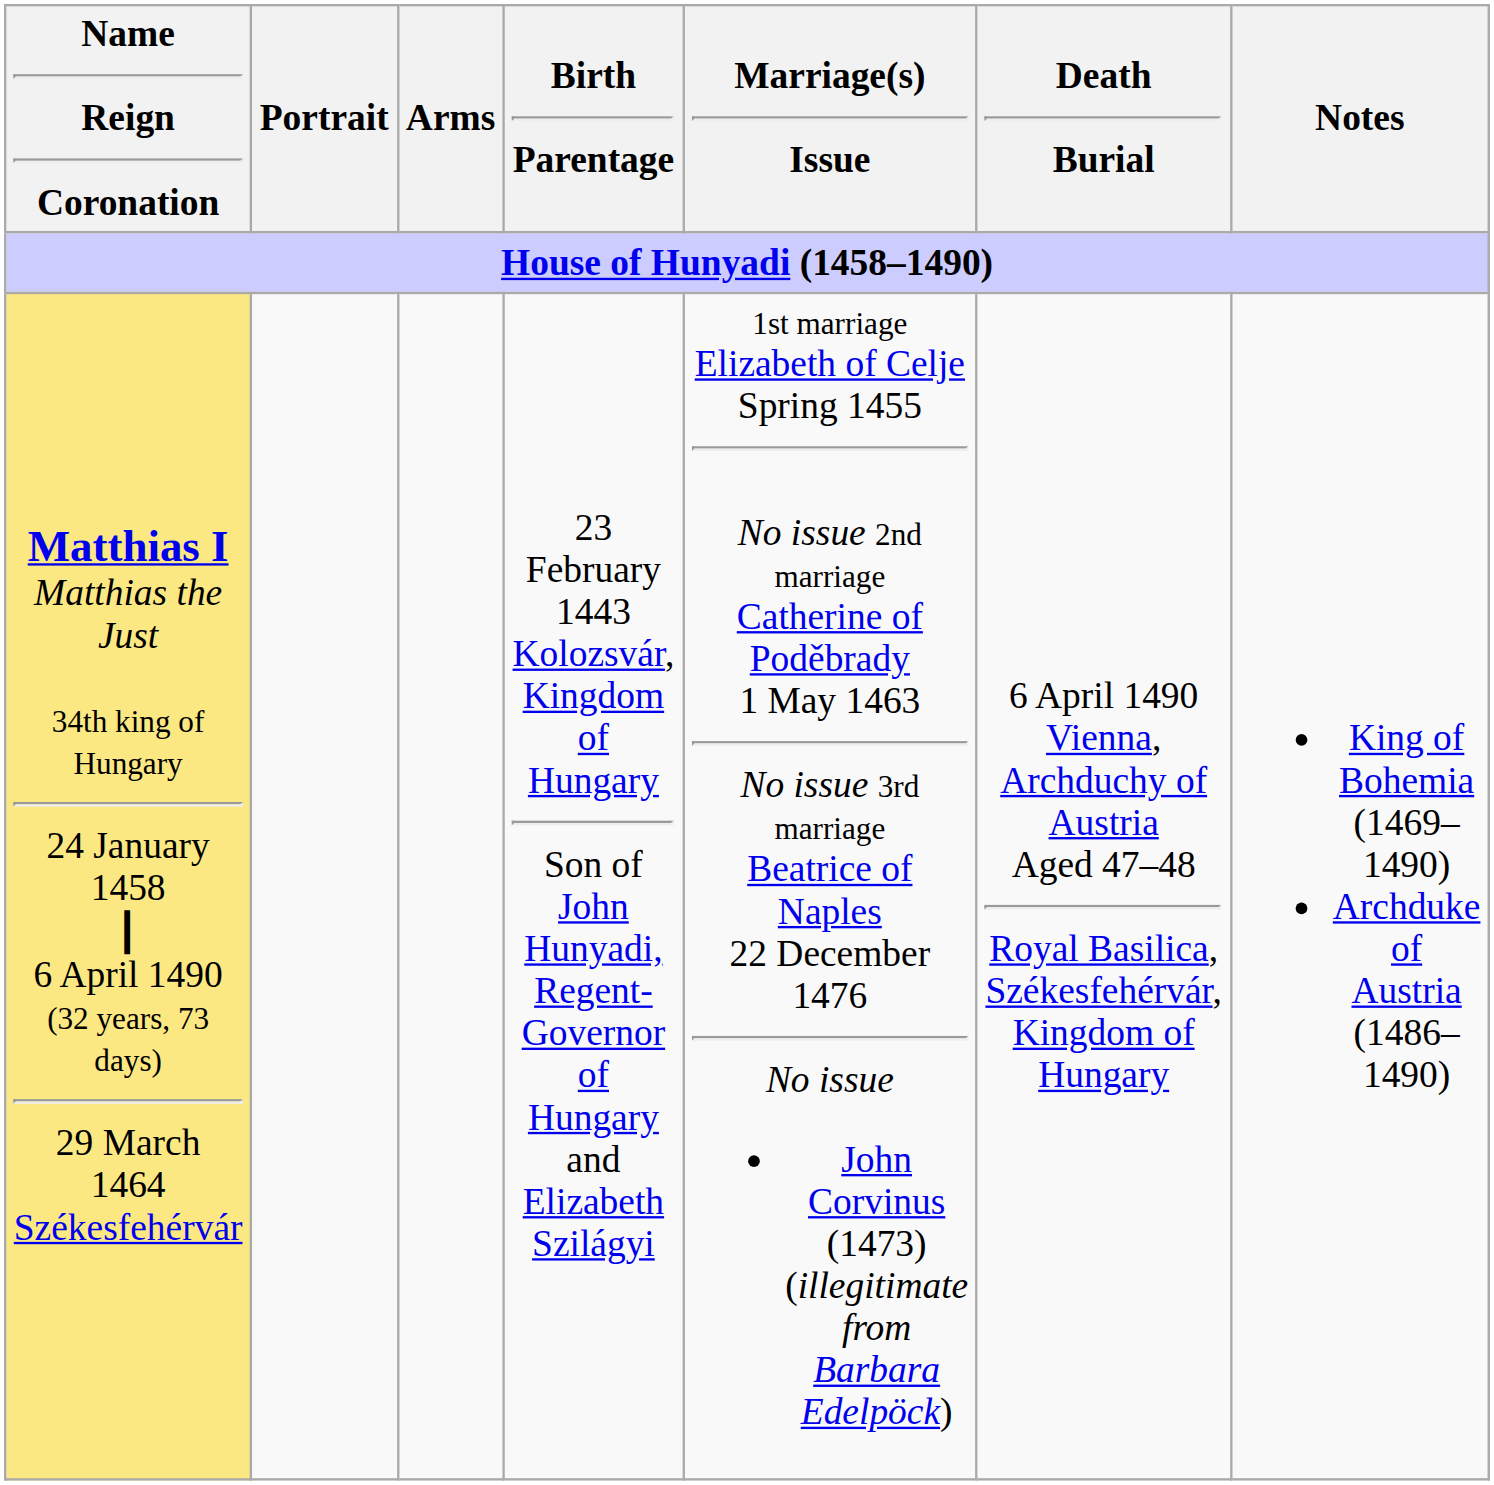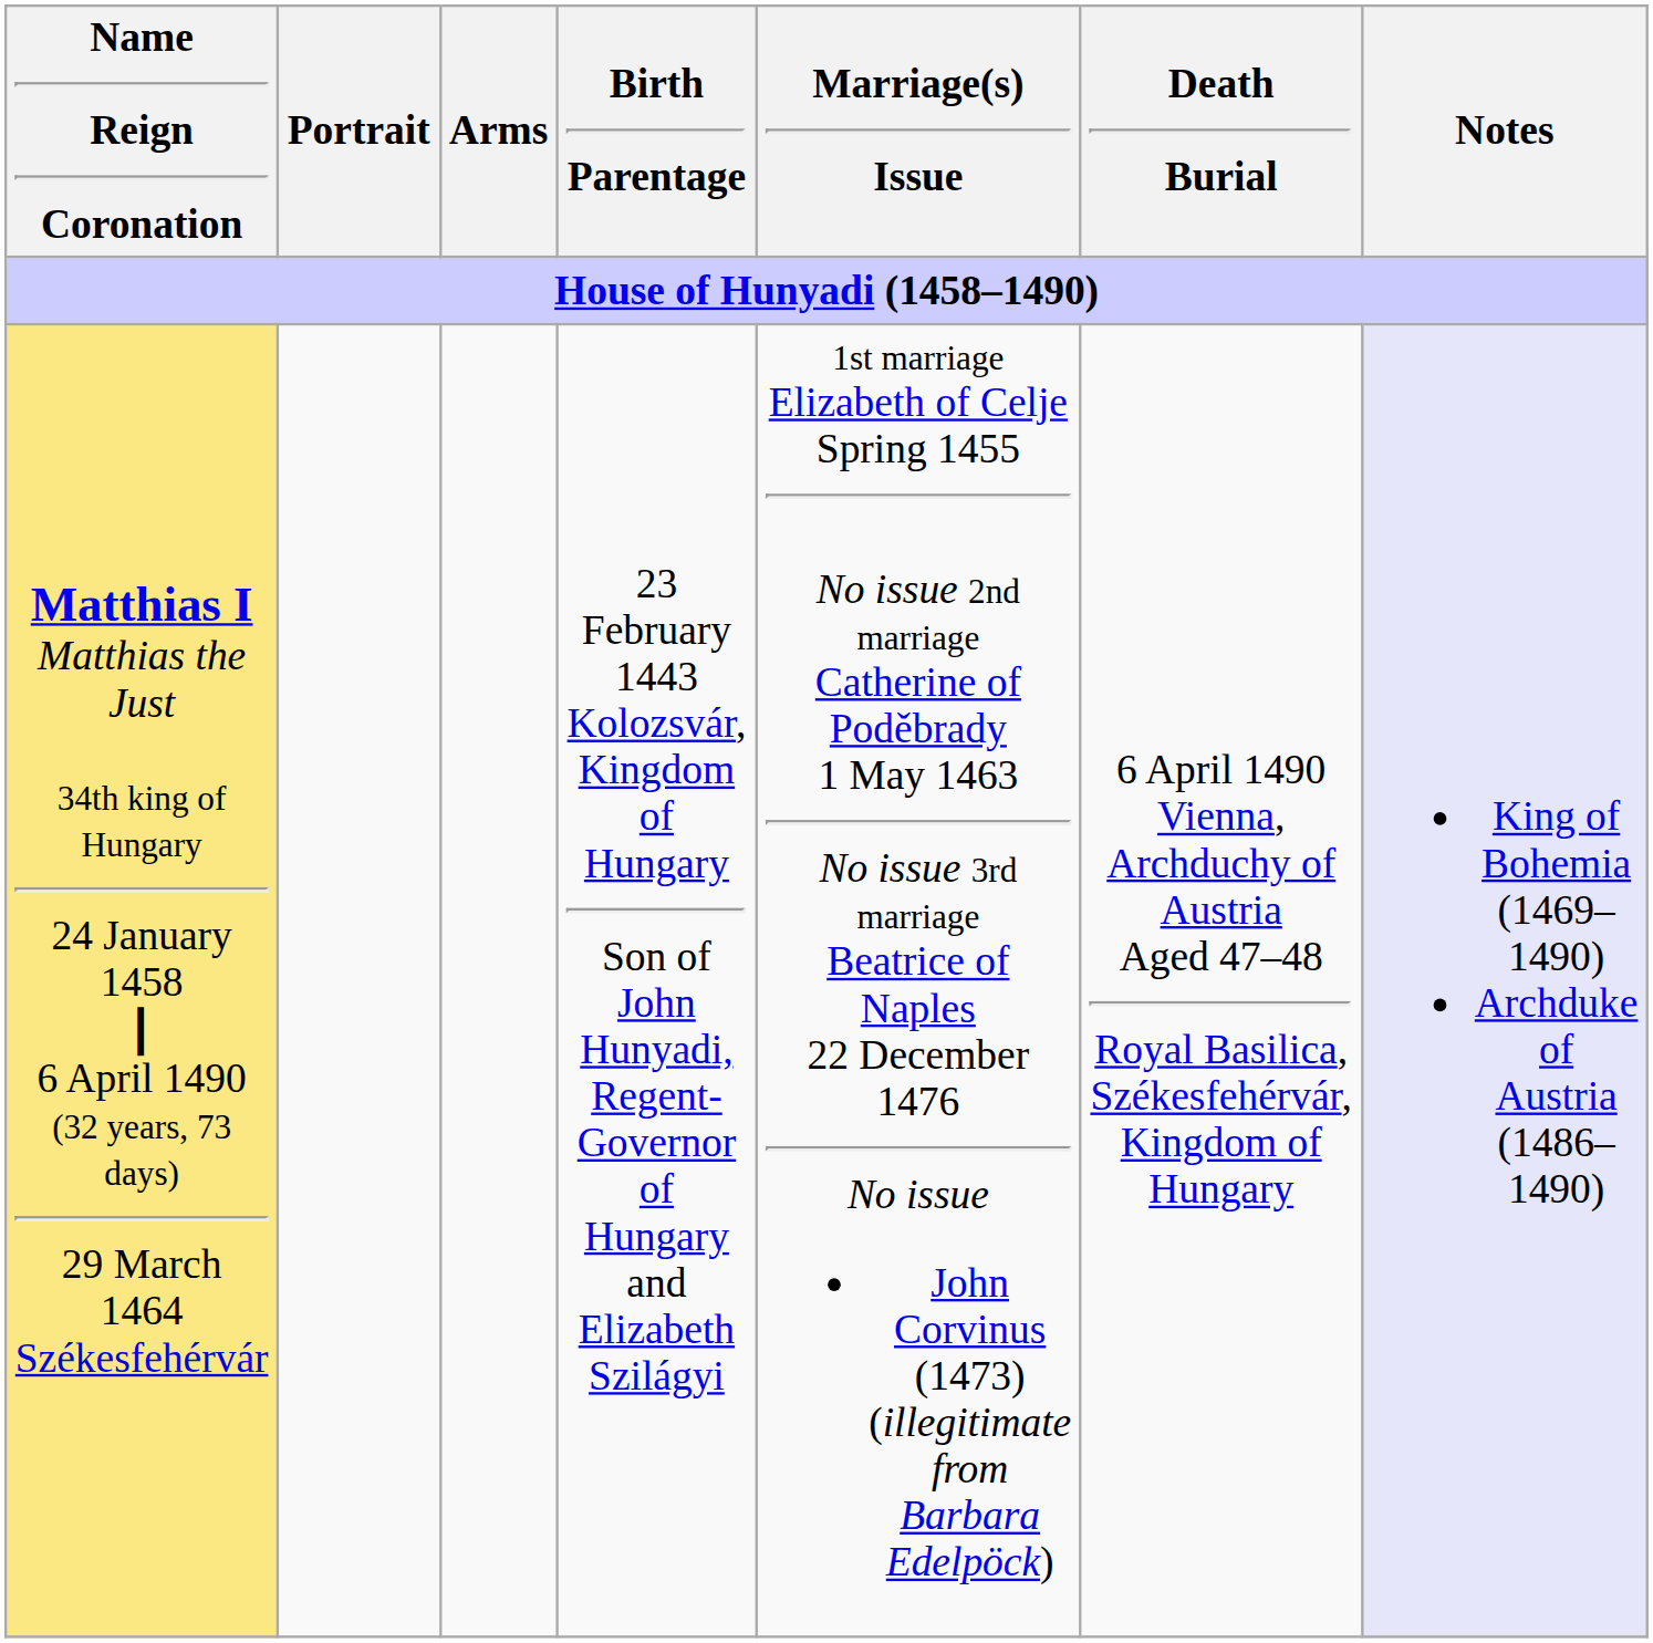 <table style="text-align:Center; width:100%" class="wikitable">
 <tr>
 <th width="14%">Name<hr>Reign<hr>Coronation</th>
 <th width="20%">Portrait</th>
 <th width="10%">Arms</th>
 <th width="14%">Birth<hr>Parentage</th>
 <th width="14%">Marriage(s)<hr>Issue</th>
 <th width="14%">Death<hr>Burial</th>
 <th width="14%">Notes</th>
 </tr>
 <tr>
 <th colspan="7" style="background:#ccccff"><a href='#'>House of Hunyadi</a> (1458–1490)</th>
 </tr>
 <tr>
 <td style="background:#FCE883"><strong><a href='#'><big>Matthias I</big></a></strong><br><em>Matthias the Just</em><br><small></small><br><small>34th king of Hungary</small><hr>24 January 1458<br>┃<br>6 April 1490<br><small>(32 years, 73 days)</small><hr>29 March 1464<br><a href='#'>Székesfehérvár</a></td>
 <td></td>
 <td></td>
 <td>23 February 1443<br><a href='#'>Kolozsvár</a>, <a href='#'>Kingdom of Hungary</a><hr>Son of <a href='#'>John Hunyadi, Regent-Governor of Hungary</a> and <a href='#'>Elizabeth Szilágyi</a></td>
 <td><small>1st marriage</small><br><a href='#'>Elizabeth of Celje</a><br>Spring 1455<hr><br><em>No issue</em> <small>2nd marriage</small><br><a href='#'>Catherine of Poděbrady</a><br>1 May 1463<hr> <em>No issue</em> <small>3rd marriage</small><br><a href='#'>Beatrice of Naples</a><br>22 December 1476<hr> <em>No issue</em><ul><li><a href='#'>John Corvinus</a> (1473) (<em>illegitimate from <a href='#'>Barbara Edelpöck</a></em>)</li></ul></td>
 <td>6 April 1490<br><a href='#'>Vienna</a>, <a href='#'>Archduchy of Austria</a><br>Aged 47–48<hr><a href='#'>Royal Basilica</a>, <a href='#'>Székesfehérvár</a>, <a href='#'>Kingdom of Hungary</a></td>
-<td><br><ul><li><a href='#'>King of Bohemia</a> (1469–1490)</li><li><a href='#'>Archduke of Austria</a> (1486–1490)</li></ul></td>
+<td style="background: lavender;"><br><ul><li><a href='#'>King of Bohemia</a> (1469–1490)</li><li><a href='#'>Archduke of Austria</a> (1486–1490)</li></ul></td>
 </tr>
 </table>
